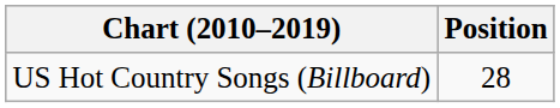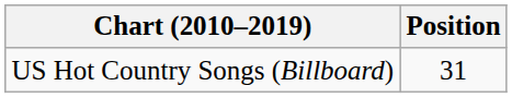 <table class="wikitable">
 <tr>
 <th>Chart (2010–2019)</th>
 <th>Position</th>
 </tr>
 <tr>
 <td>US Hot Country Songs (<em>Billboard</em>)</td>
-<td style="text-align:center;">28</td>
+<td style="text-align:center;">31</td>
 </tr>
 </table>
